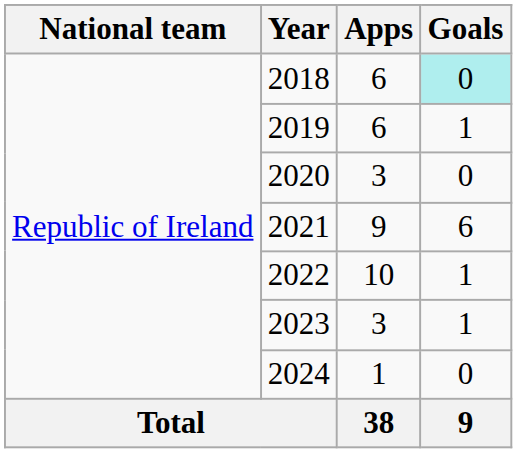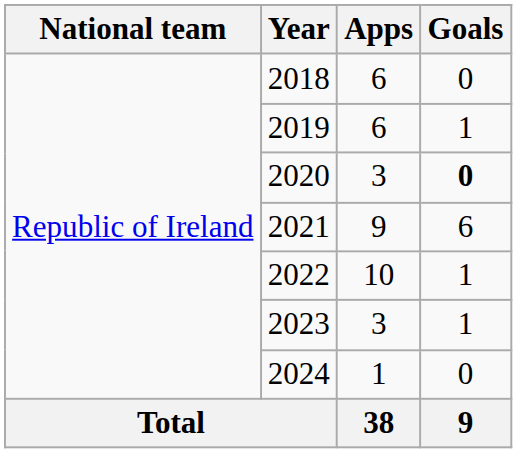 <table class="wikitable" style="text-align:center">
 <tr>
 <th>National team</th>
 <th>Year</th>
 <th>Apps</th>
 <th>Goals</th>
 </tr>
 <tr>
 <td rowspan="7"><a href='#'>Republic of Ireland</a></td>
 <td>2018</td>
 <td>6</td>
-<td style="background: paleturquoise;">0</td>
+<td>0</td>
 </tr>
 <tr>
 <td>2019</td>
 <td>6</td>
 <td>1</td>
 </tr>
 <tr>
 <td>2020</td>
 <td>3</td>
-<td>0</td>
+<td><strong>0</strong></td>
 </tr>
 <tr>
 <td>2021</td>
 <td>9</td>
 <td>6</td>
 </tr>
 <tr>
 <td>2022</td>
 <td>10</td>
 <td>1</td>
 </tr>
 <tr>
 <td>2023</td>
 <td>3</td>
 <td>1</td>
 </tr>
 <tr>
 <td>2024</td>
 <td>1</td>
 <td>0</td>
 </tr>
 <tr>
 <th colspan="2">Total</th>
 <th>38</th>
 <th>9</th>
 </tr>
 </table>
